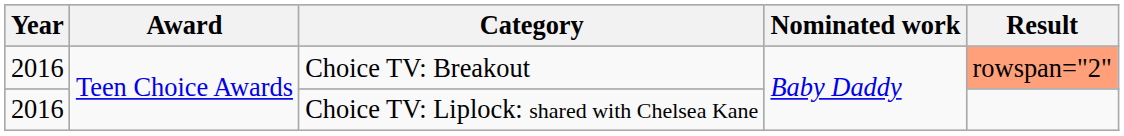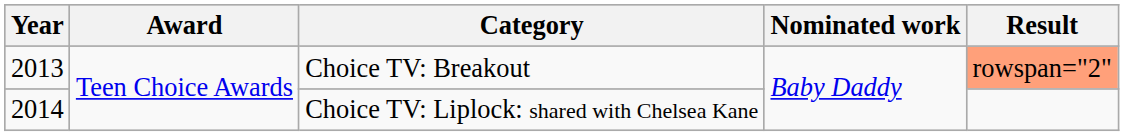 <table class="wikitable">
 <tr>
 <th>Year</th>
 <th>Award</th>
 <th>Category</th>
 <th class="unsortable">Nominated work</th>
 <th>Result</th>
 </tr>
 <tr>
-<td>2016</td>
+<td>2013</td>
 <td rowspan="2"><a href='#'>Teen Choice Awards</a></td>
 <td>Choice TV: Breakout</td>
 <td rowspan="2"><em><a href='#'>Baby Daddy</a></em></td>
 <td style="background: lightsalmon;">rowspan="2" </td>
 </tr>
 <tr>
-<td>2016</td>
+<td>2014</td>
 <td>Choice TV: Liplock: <small>shared with Chelsea Kane</small></td>
 </tr>
 </table>
